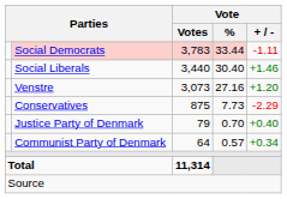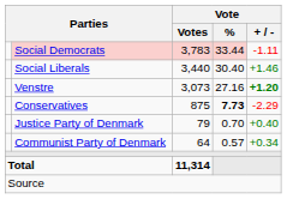 <table class="wikitable" style="text-align:right;">
 <tr>
 <th style="text-align:centre;" rowspan="2" colspan="2" width="225">Parties</th>
 <th colspan="3">Vote</th>
 </tr>
 <tr>
 <th width="15">Votes</th>
 <th width="15">%</th>
 <th width="15">+ / -</th>
 </tr>
 <tr>
 <td width="2" style="color:inherit;background:"></td>
 <td bgcolor=#fbd0ce  align="left"><a href='#'>Social Democrats</a></td>
 <td bgcolor=#fbd0ce>3,783</td>
 <td bgcolor=#fbd0ce>33.44</td>
 <td style=color:red;>-1.11</td>
 </tr>
 <tr>
 <td width="2" style="color:inherit;background:"></td>
 <td align="left"><a href='#'>Social Liberals</a></td>
 <td>3,440</td>
 <td>30.40</td>
 <td style=color:green;>+1.46</td>
 </tr>
 <tr>
 <td width="2" style="color:inherit;background:"></td>
 <td align="left"><a href='#'>Venstre</a></td>
 <td>3,073</td>
 <td>27.16</td>
-<td style=color:green;>+1.20</td>
+<td style=color:green;><strong>+1.20</strong></td>
 </tr>
 <tr>
 <td width="2" style="color:inherit;background:"></td>
 <td align="left"><a href='#'>Conservatives</a></td>
 <td>875</td>
-<td>7.73</td>
+<td><strong>7.73</strong></td>
 <td style=color:red;>-2.29</td>
 </tr>
 <tr>
 <td width="2" style="color:inherit;background:"></td>
 <td align="left"><a href='#'>Justice Party of Denmark</a></td>
 <td>79</td>
 <td>0.70</td>
 <td style=color:green;>+0.40</td>
 </tr>
 <tr>
 <td width="2" style="color:inherit;background:"></td>
 <td align="left"><a href='#'>Communist Party of Denmark</a></td>
 <td>64</td>
 <td>0.57</td>
 <td style=color:green;>+0.34</td>
 </tr>
 <tr>
 <td colspan="7" bgcolor="#E9E9E9"></td>
 </tr>
 <tr>
 <td align="left" colspan="2"><strong>Total</strong></td>
 <td><strong>11,314</strong></td>
 <td bgcolor="#E9E9E9" colspan="2"></td>
 </tr>
 <tr>
 <td align="left" colspan="6">Source</td>
 </tr>
 </table>
